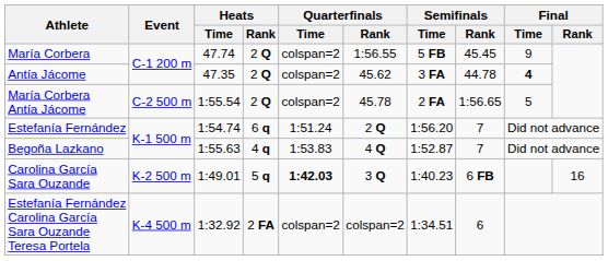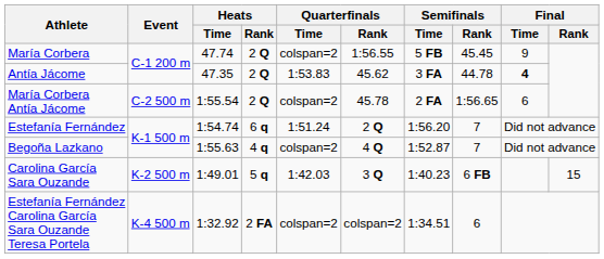 <table class=wikitable style="font-size:90%">
 <tr>
 <th rowspan="2">Athlete</th>
 <th rowspan="2">Event</th>
 <th colspan=2>Heats</th>
 <th colspan=2>Quarterfinals</th>
 <th colspan=2>Semifinals</th>
 <th colspan=2>Final</th>
 </tr>
 <tr style="font-size:95%">
 <th>Time</th>
 <th>Rank</th>
 <th>Time</th>
 <th>Rank</th>
 <th>Time</th>
 <th>Rank</th>
 <th>Time</th>
 <th>Rank</th>
 </tr>
 <tr align=center>
 <td align=left><a href='#'>María Corbera</a></td>
 <td align=left rowspan=2><a href='#'>C-1 200 m</a></td>
 <td>47.74</td>
 <td>2 <strong>Q</strong></td>
 <td>colspan=2 </td>
 <td>1:56.55</td>
 <td>5 <strong>FB</strong></td>
 <td>45.45</td>
 <td>9</td>
 </tr>
 <tr align=center>
 <td align=left><a href='#'>Antía Jácome</a></td>
 <td>47.35</td>
 <td>2 <strong>Q</strong></td>
-<td>colspan=2 </td>
+<td>1:53.83</td>
 <td>45.62</td>
 <td>3 <strong>FA</strong></td>
 <td>44.78</td>
 <td><strong>4</strong></td>
 </tr>
 <tr align=center>
 <td align=left><a href='#'>María Corbera</a><br><a href='#'>Antía Jácome</a></td>
 <td align=left><a href='#'>C-2 500 m</a></td>
 <td>1:55.54</td>
 <td>2 <strong>Q</strong></td>
 <td>colspan=2 </td>
 <td>45.78</td>
 <td>2 <strong>FA</strong></td>
 <td>1:56.65</td>
-<td>5</td>
+<td>6</td>
 </tr>
 <tr align=center>
 <td align=left><a href='#'>Estefanía Fernández</a></td>
 <td align=left rowspan=2><a href='#'>K-1 500 m</a></td>
 <td>1:54.74</td>
 <td>6 <strong>q</strong></td>
 <td>1:51.24</td>
 <td>2 <strong>Q</strong></td>
 <td>1:56.20</td>
 <td>7</td>
 <td colspan=2>Did not advance</td>
 </tr>
 <tr align=center>
 <td align=left><a href='#'>Begoña Lazkano</a></td>
 <td>1:55.63</td>
 <td>4 <strong>q</strong></td>
-<td>1:53.83</td>
+<td>colspan=2 </td>
 <td>4 <strong>Q</strong></td>
 <td>1:52.87</td>
 <td>7</td>
 <td colspan=2>Did not advance</td>
 </tr>
 <tr align=center>
 <td align=left><a href='#'>Carolina García</a><br><a href='#'>Sara Ouzande</a></td>
 <td align=left><a href='#'>K-2 500 m</a></td>
 <td>1:49.01</td>
 <td>5 <strong>q</strong></td>
-<td><strong>1:42.03</strong></td>
+<td>1:42.03</td>
 <td>3 <strong>Q</strong></td>
 <td>1:40.23</td>
 <td>6 <strong>FB</strong></td>
 <td></td>
-<td>16</td>
+<td>15</td>
 </tr>
 <tr align=center>
 <td align=left><a href='#'>Estefanía Fernández</a><br><a href='#'>Carolina García</a><br><a href='#'>Sara Ouzande</a><br><a href='#'>Teresa Portela</a></td>
 <td align=left><a href='#'>K-4 500 m</a></td>
 <td>1:32.92</td>
 <td>2 <strong>FA</strong></td>
 <td>colspan=2 </td>
 <td>colspan=2 </td>
 <td>1:34.51</td>
 <td>6</td>
 </tr>
 </table>
